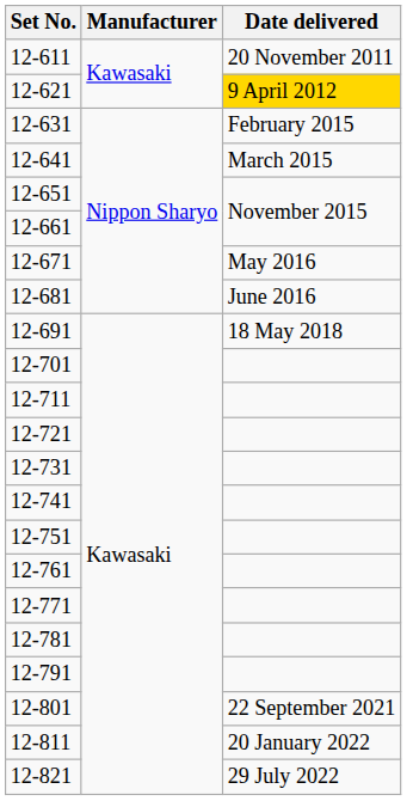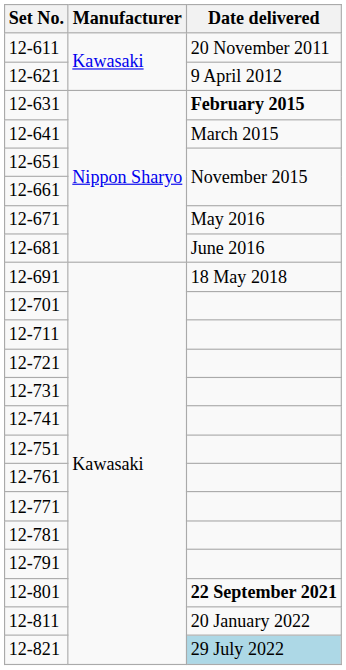 <table class="wikitable">
 <tr>
 <th>Set No.</th>
 <th>Manufacturer</th>
 <th>Date delivered</th>
 </tr>
 <tr>
 <td>12-611</td>
 <td rowspan="2"><a href='#'>Kawasaki</a></td>
 <td>20 November 2011</td>
 </tr>
 <tr>
 <td>12-621</td>
-<td style="background: gold;">9 April 2012</td>
+<td>9 April 2012</td>
 </tr>
 <tr>
 <td>12-631</td>
 <td rowspan="6"><a href='#'>Nippon Sharyo</a></td>
-<td>February 2015</td>
+<td><strong>February 2015</strong></td>
 </tr>
 <tr>
 <td>12-641</td>
 <td>March 2015</td>
 </tr>
 <tr>
 <td>12-651</td>
 <td rowspan="2">November 2015</td>
 </tr>
 <tr>
 <td>12-661</td>
 </tr>
 <tr>
 <td>12-671</td>
 <td>May 2016</td>
 </tr>
 <tr>
 <td>12-681</td>
 <td>June 2016</td>
 </tr>
 <tr>
 <td>12-691</td>
 <td rowspan="14">Kawasaki</td>
 <td>18 May 2018</td>
 </tr>
 <tr>
 <td>12-701</td>
 <td></td>
 </tr>
 <tr>
 <td>12-711</td>
 <td></td>
 </tr>
 <tr>
 <td>12-721</td>
 <td></td>
 </tr>
 <tr>
 <td>12-731</td>
 <td></td>
 </tr>
 <tr>
 <td>12-741</td>
 <td></td>
 </tr>
 <tr>
 <td>12-751</td>
 <td></td>
 </tr>
 <tr>
 <td>12-761</td>
 <td></td>
 </tr>
 <tr>
 <td>12-771</td>
 <td></td>
 </tr>
 <tr>
 <td>12-781</td>
 <td></td>
 </tr>
 <tr>
 <td>12-791</td>
 <td></td>
 </tr>
 <tr>
 <td>12-801</td>
-<td>22 September 2021</td>
+<td><strong>22 September 2021</strong></td>
 </tr>
 <tr>
 <td>12-811</td>
 <td>20 January 2022</td>
 </tr>
 <tr>
 <td>12-821</td>
-<td>29 July 2022</td>
+<td style="background: lightblue;">29 July 2022</td>
 </tr>
 </table>
